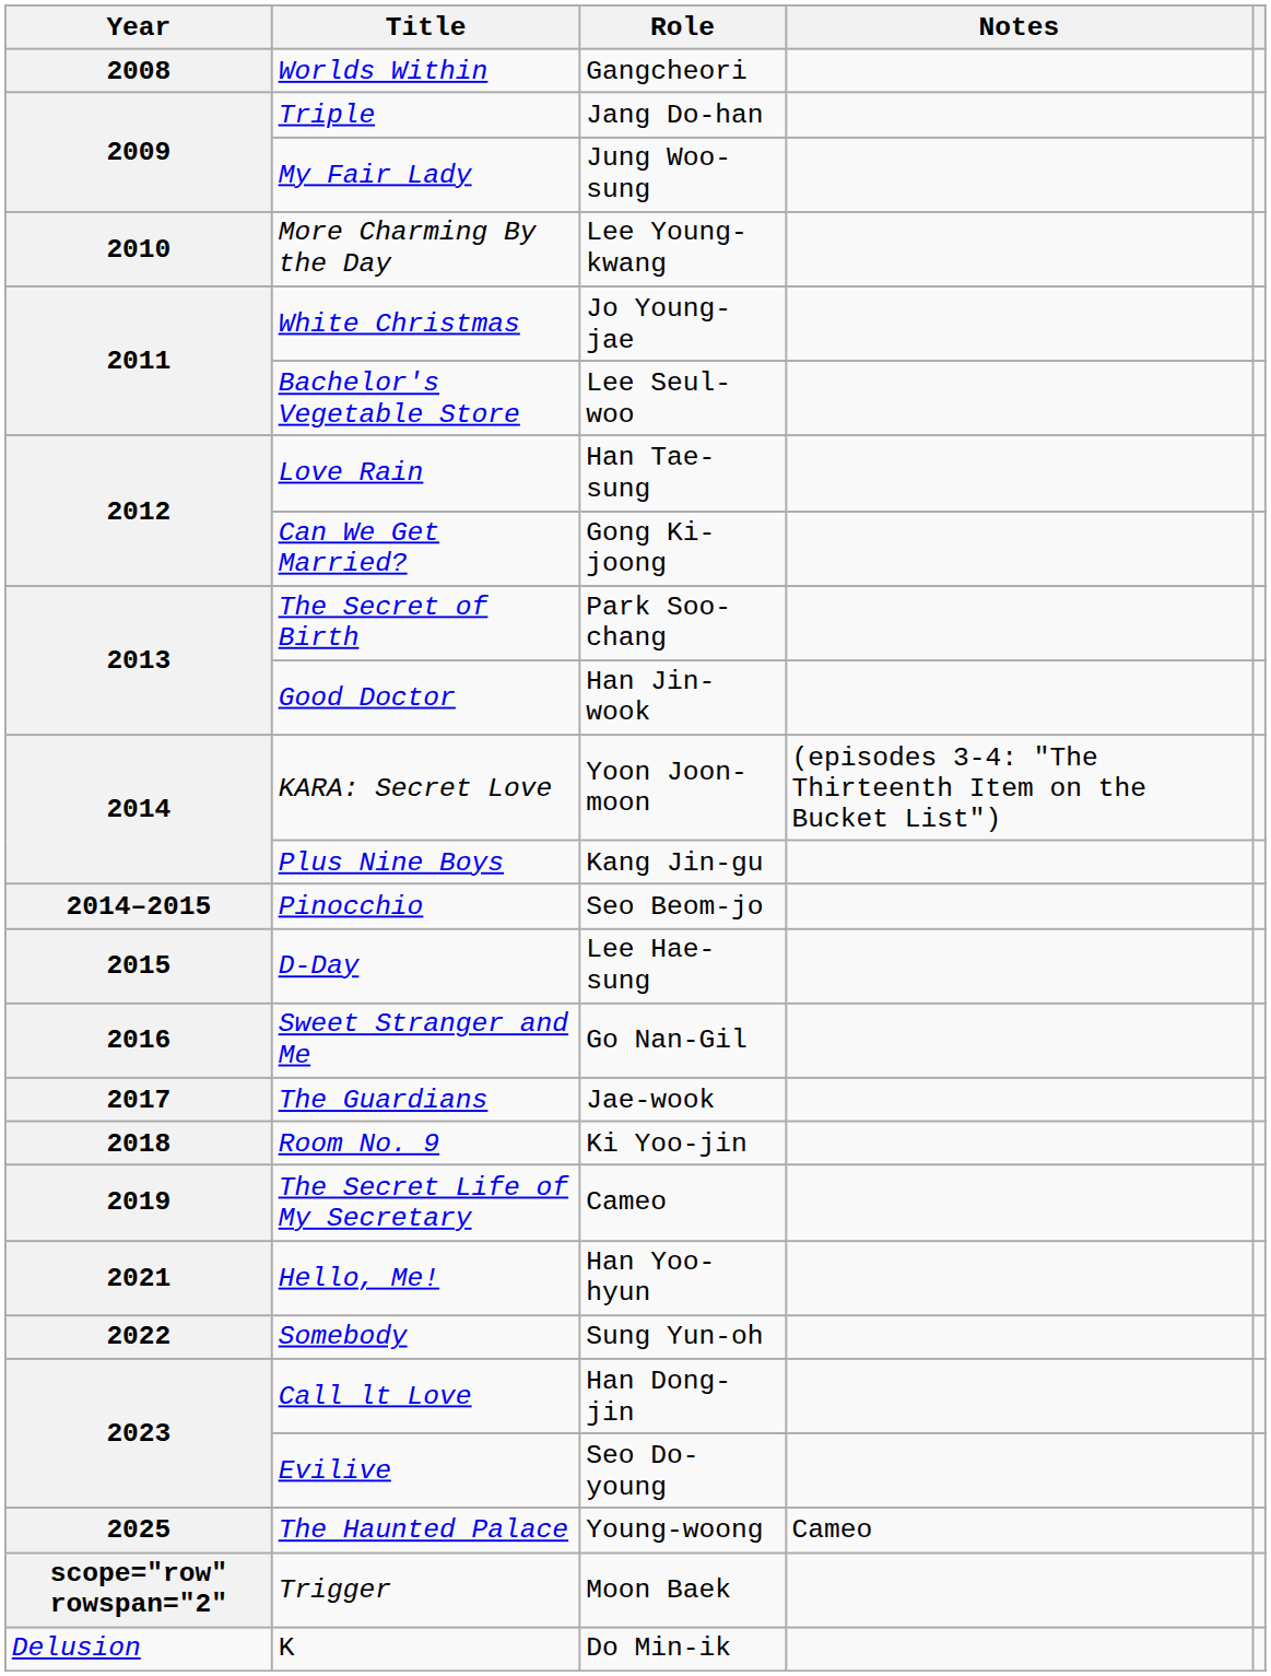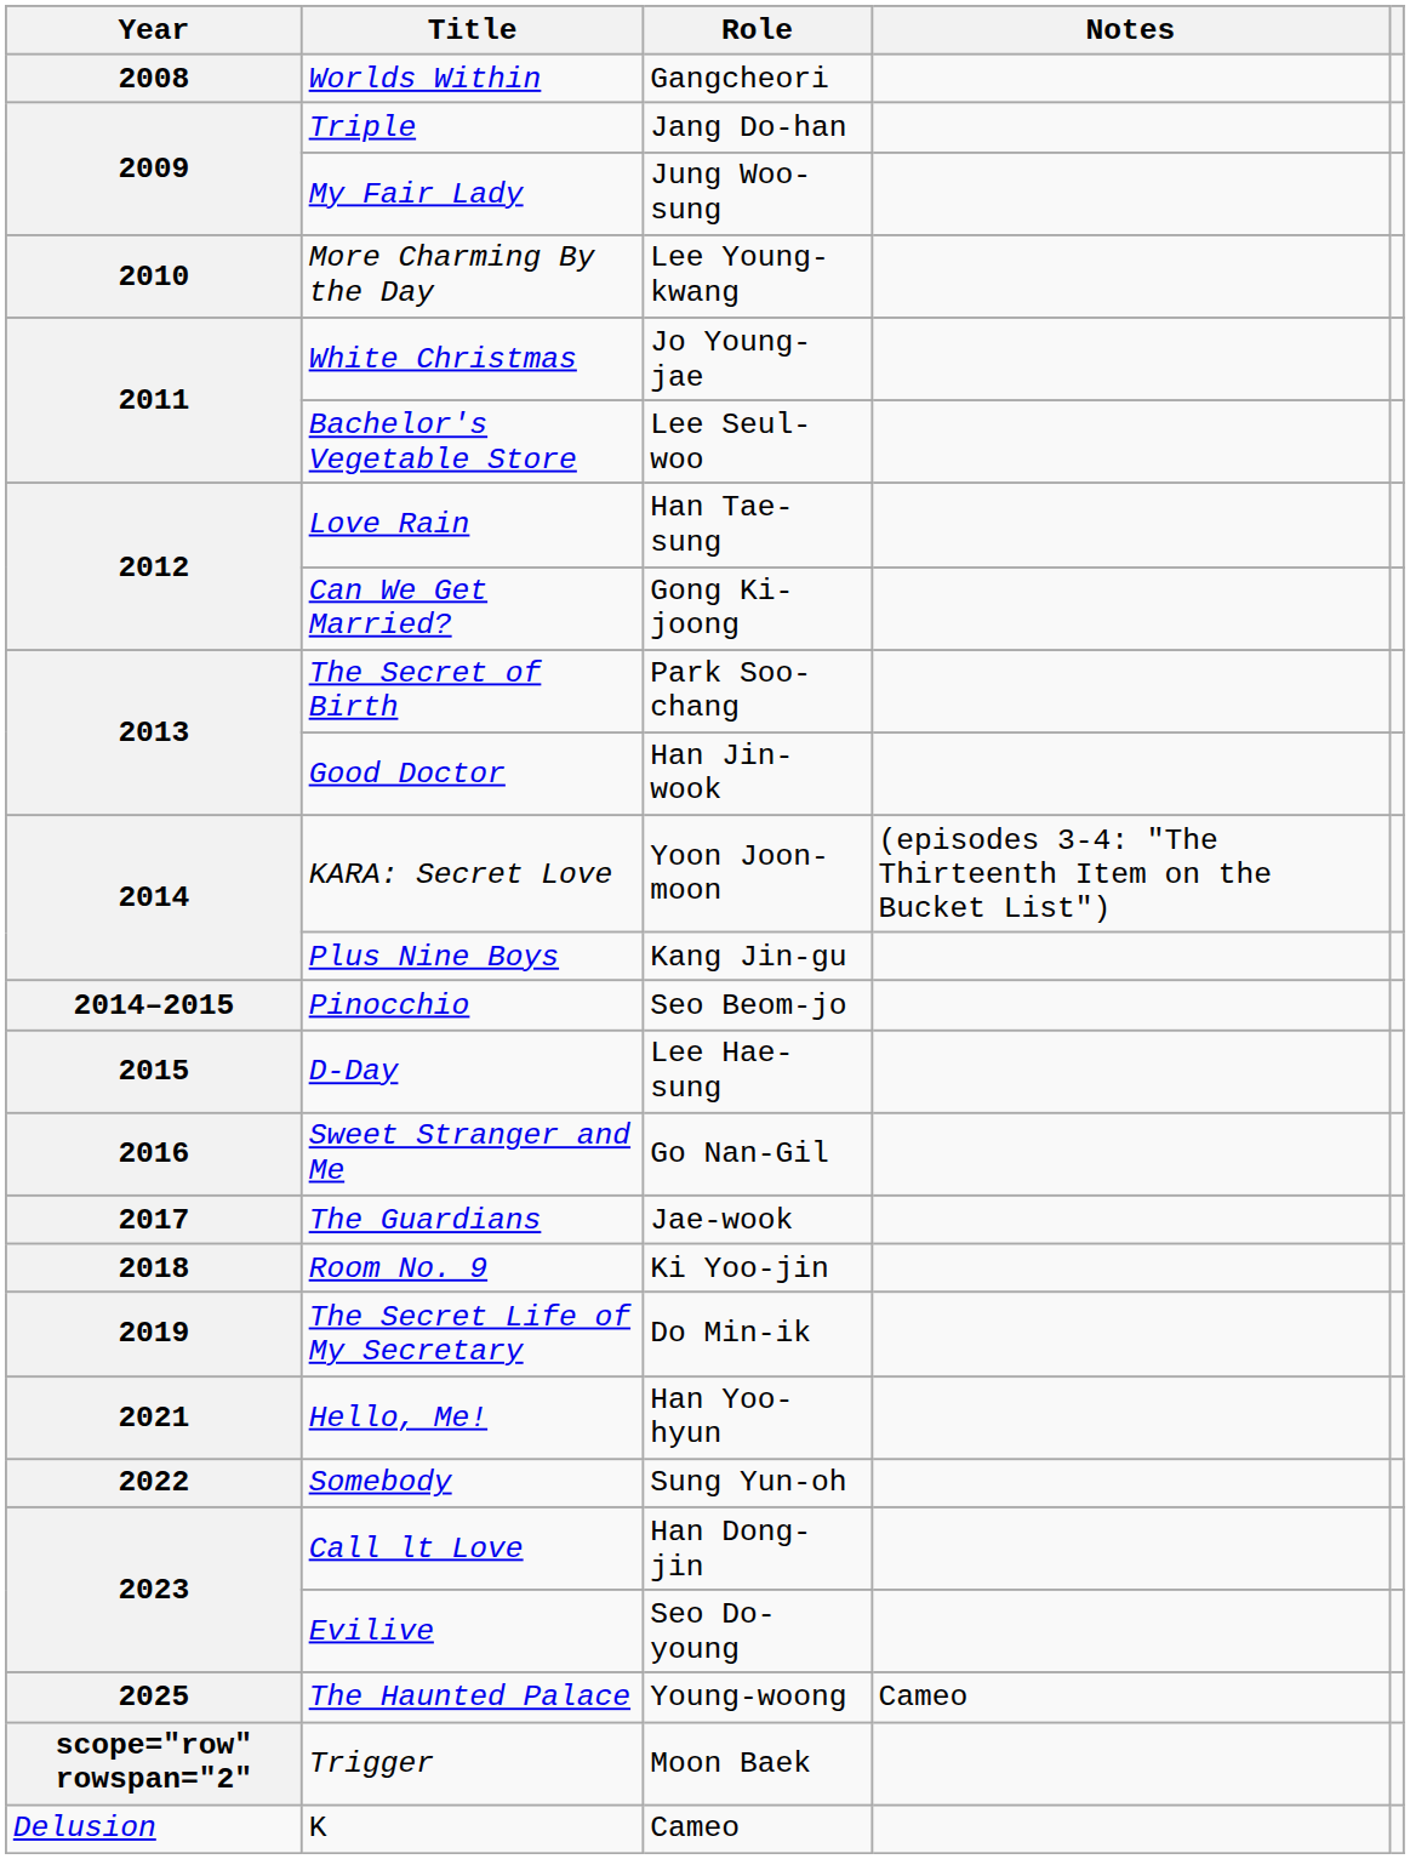 <table class="wikitable sortable plainrowheaders">
 <tr>
 <th scope="col">Year</th>
 <th scope="col">Title</th>
 <th scope="col">Role</th>
 <th scope="col" class="unsortable">Notes</th>
 <th scope="col" class="unsortable"></th>
 </tr>
 <tr>
 <th scope="row">2008</th>
 <td><em><a href='#'>Worlds Within</a></em></td>
 <td>Gangcheori</td>
 <td></td>
 <td></td>
 </tr>
 <tr>
 <th scope="row" rowspan="2">2009</th>
 <td><em><a href='#'>Triple</a></em></td>
 <td>Jang Do-han</td>
 <td></td>
 <td></td>
 </tr>
 <tr>
 <td><em><a href='#'>My Fair Lady</a></em></td>
 <td>Jung Woo-sung</td>
 <td></td>
 <td></td>
 </tr>
 <tr>
 <th scope="row">2010</th>
 <td><em>More Charming By the Day</em></td>
 <td>Lee Young-kwang</td>
 <td></td>
 <td></td>
 </tr>
 <tr>
 <th scope="row" rowspan="2">2011</th>
 <td><em><a href='#'>White Christmas</a></em></td>
 <td>Jo Young-jae</td>
 <td></td>
 <td></td>
 </tr>
 <tr>
 <td><em><a href='#'>Bachelor's Vegetable Store</a></em></td>
 <td>Lee Seul-woo</td>
 <td></td>
 <td></td>
 </tr>
 <tr>
 <th scope="row" rowspan="2">2012</th>
 <td><em><a href='#'>Love Rain</a></em></td>
 <td>Han Tae-sung</td>
 <td></td>
 <td></td>
 </tr>
 <tr>
 <td><em><a href='#'>Can We Get Married?</a></em></td>
 <td>Gong Ki-joong</td>
 <td></td>
 <td></td>
 </tr>
 <tr>
 <th scope="row" rowspan="2">2013</th>
 <td><em><a href='#'>The Secret of Birth</a></em></td>
 <td>Park Soo-chang</td>
 <td></td>
 <td></td>
 </tr>
 <tr>
 <td><em><a href='#'>Good Doctor</a></em></td>
 <td>Han Jin-wook</td>
 <td></td>
 <td></td>
 </tr>
 <tr>
 <th scope="row" rowspan="2">2014</th>
 <td><em>KARA: Secret Love</em></td>
 <td>Yoon Joon-moon</td>
 <td>(episodes 3-4: "The Thirteenth Item on the Bucket List")</td>
 <td></td>
 </tr>
 <tr>
 <td><em><a href='#'>Plus Nine Boys</a></em></td>
 <td>Kang Jin-gu</td>
 <td></td>
 <td></td>
 </tr>
 <tr>
 <th scope="row">2014–2015</th>
 <td><em><a href='#'>Pinocchio</a></em></td>
 <td>Seo Beom-jo</td>
 <td></td>
 <td></td>
 </tr>
 <tr>
 <th scope="row">2015</th>
 <td><em><a href='#'>D-Day</a></em></td>
 <td>Lee Hae-sung</td>
 <td></td>
 <td></td>
 </tr>
 <tr>
 <th scope="row">2016</th>
 <td><em><a href='#'>Sweet Stranger and Me</a></em></td>
 <td>Go Nan-Gil</td>
 <td></td>
 <td></td>
 </tr>
 <tr>
 <th scope="row">2017</th>
 <td><em><a href='#'>The Guardians</a></em></td>
 <td>Jae-wook</td>
 <td></td>
 <td></td>
 </tr>
 <tr>
 <th scope="row">2018</th>
 <td><em><a href='#'>Room No. 9</a></em></td>
 <td>Ki Yoo-jin</td>
 <td></td>
 <td></td>
 </tr>
 <tr>
 <th scope="row">2019</th>
 <td><em><a href='#'>The Secret Life of My Secretary</a></em></td>
-<td>Cameo</td>
+<td>Do Min-ik</td>
 <td></td>
 <td></td>
 </tr>
 <tr>
 <th scope="row">2021</th>
 <td><em><a href='#'>Hello, Me!</a></em></td>
 <td>Han Yoo-hyun</td>
 <td></td>
 <td></td>
 </tr>
 <tr>
 <th scope="row">2022</th>
 <td><em><a href='#'>Somebody</a></em></td>
 <td>Sung Yun-oh</td>
 <td></td>
 <td></td>
 </tr>
 <tr>
 <th scope="row" rowspan="2">2023</th>
 <td><em><a href='#'>Call lt Love</a></em></td>
 <td>Han Dong-jin</td>
 <td></td>
 <td></td>
 </tr>
 <tr>
 <td><em><a href='#'>Evilive</a></em></td>
 <td>Seo Do-young</td>
 <td></td>
 <td></td>
 </tr>
 <tr>
 <th scope="row">2025</th>
 <td><em><a href='#'>The Haunted Palace</a></em></td>
 <td>Young-woong</td>
 <td>Cameo</td>
 <td></td>
 </tr>
 <tr>
 <th>scope="row" rowspan="2" </th>
 <td><em>Trigger</em></td>
 <td>Moon Baek</td>
 <td></td>
 <td></td>
 </tr>
 <tr>
 <td><em><a href='#'>Delusion</a></em></td>
 <td>K</td>
-<td>Do Min-ik</td>
+<td>Cameo</td>
 <td></td>
 </tr>
 </table>
